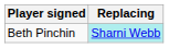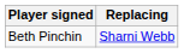 <table class="wikitable plainrowheaders">
 <tr>
 <th scope="col"><strong>Player signed</strong></th>
 <th scope="col"><strong>Replacing</strong></th>
 </tr>
 <tr>
 <td>Beth Pinchin</td>
-<td style="background: paleturquoise;"><a href='#'>Sharni Webb</a></td>
+<td><a href='#'>Sharni Webb</a></td>
 </tr>
 </table>
